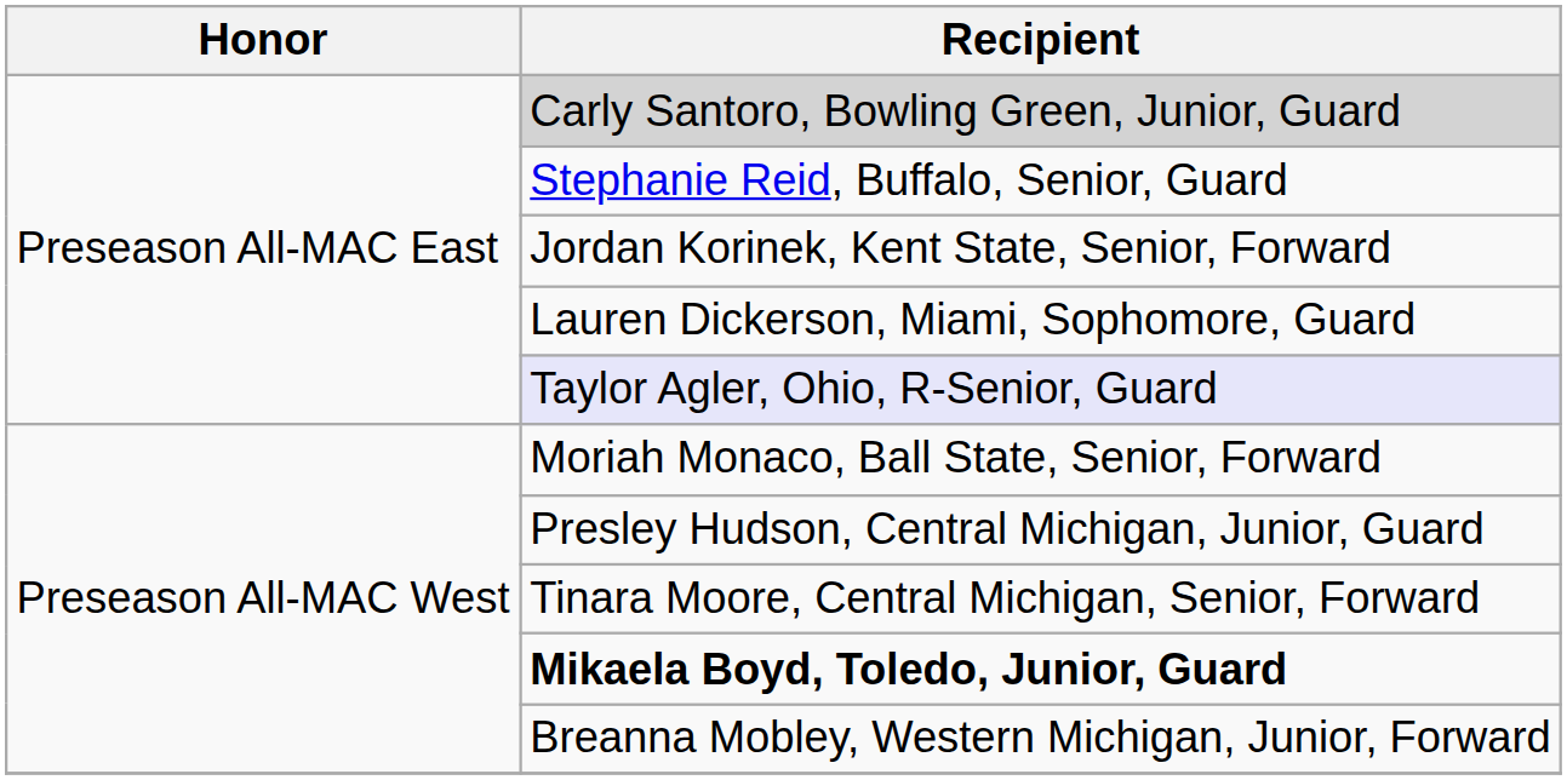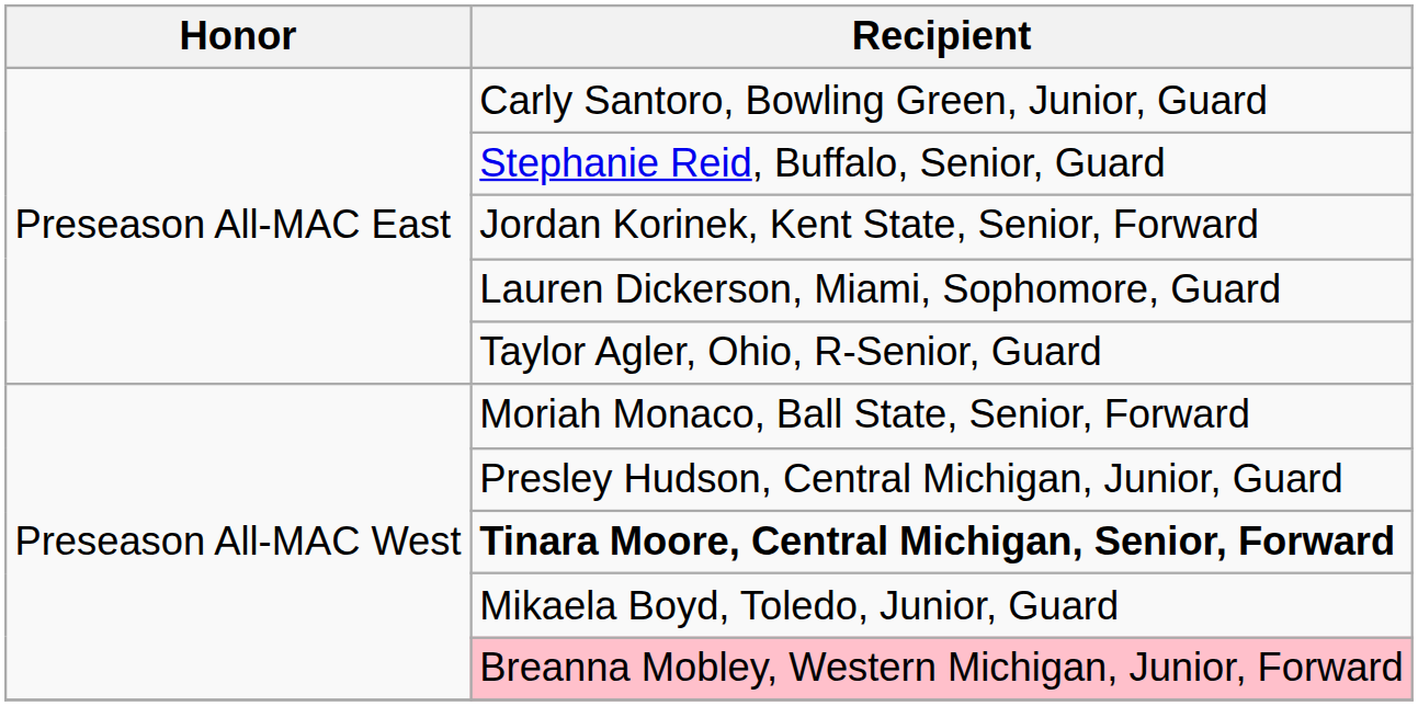 <table class="wikitable" border="1">
 <tr>
 <th>Honor</th>
 <th>Recipient</th>
 </tr>
 <tr>
 <td rowspan=5 valign=middle>Preseason All-MAC East</td>
-<td style="background: lightgrey;">Carly Santoro, Bowling Green, Junior, Guard</td>
+<td>Carly Santoro, Bowling Green, Junior, Guard</td>
 </tr>
 <tr>
 <td><a href='#'>Stephanie Reid</a>, Buffalo, Senior, Guard</td>
 </tr>
 <tr>
 <td>Jordan Korinek, Kent State, Senior, Forward</td>
 </tr>
 <tr>
 <td>Lauren Dickerson, Miami, Sophomore, Guard</td>
 </tr>
 <tr>
-<td style="background: lavender;">Taylor Agler, Ohio, R-Senior, Guard</td>
+<td>Taylor Agler, Ohio, R-Senior, Guard</td>
 </tr>
 <tr>
 <td rowspan=5 valign=middle>Preseason All-MAC West</td>
 <td>Moriah Monaco, Ball State, Senior, Forward</td>
 </tr>
 <tr>
 <td>Presley Hudson, Central Michigan, Junior, Guard</td>
 </tr>
 <tr>
-<td>Tinara Moore, Central Michigan, Senior, Forward</td>
+<td><strong>Tinara Moore, Central Michigan, Senior, Forward</strong></td>
 </tr>
 <tr>
-<td><strong>Mikaela Boyd, Toledo, Junior, Guard</strong></td>
+<td>Mikaela Boyd, Toledo, Junior, Guard</td>
 </tr>
 <tr>
-<td>Breanna Mobley, Western Michigan, Junior, Forward</td>
+<td style="background: pink;">Breanna Mobley, Western Michigan, Junior, Forward</td>
 </tr>
 <tr>
 </tr>
 </table>
